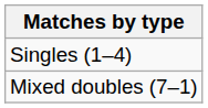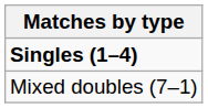 <table class="wikitable" style=font-size:90%>
 <tr>
 <th>Matches by type</th>
 </tr>
 <tr>
-<td>Singles (1–4)</td>
+<td><strong>Singles (1–4)</strong></td>
 </tr>
 <tr>
 <td>Mixed doubles (7–1)</td>
 </tr>
 </table>
